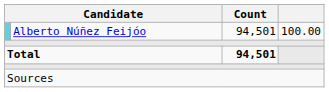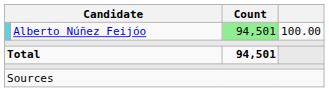 <table class="wikitable" style="text-align:right;">
 <tr>
 <th colspan="2" width="250">Candidate</th>
 <th width="60">Count</th>
 <th width="45"></th>
 </tr>
 <tr>
 <td width="1" style="color:inherit;background:#62D0DD"></td>
 <td align="left"><a href='#'>Alberto Núñez Feijóo</a></td>
-<td>94,501</td>
+<td style="background: lightgreen;">94,501</td>
 <td>100.00</td>
 </tr>
 <tr>
 <td colspan="4" bgcolor="#E9E9E9"></td>
 </tr>
 <tr style="font-weight:bold;">
 <td align="left" colspan="2">Total</td>
 <td>94,501</td>
 <td bgcolor="#E9E9E9"></td>
 </tr>
 <tr>
 <td colspan="4" bgcolor="#E9E9E9"></td>
 </tr>
 <tr>
 <td align="left" colspan="4">Sources</td>
 </tr>
 </table>
